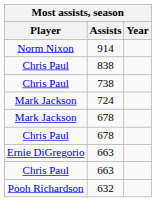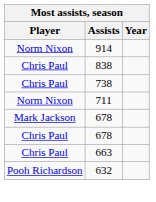 <table class="wikitable sortable" style="text-align:center">
 <tr>
 <th colspan="3">Most assists, season</th>
 </tr>
 <tr>
 <th>Player</th>
 <th>Assists</th>
 <th>Year</th>
 </tr>
 <tr>
 <td><a href='#'>Norm Nixon</a></td>
 <td>914</td>
 <td></td>
 </tr>
 <tr>
 <td><a href='#'>Chris Paul</a></td>
 <td>838</td>
 <td></td>
 </tr>
 <tr>
 <td><a href='#'>Chris Paul</a></td>
 <td>738</td>
 <td></td>
 </tr>
 <tr>
-<td><a href='#'>Mark Jackson</a></td>
-<td>724</td>
+<td><a href='#'>Norm Nixon</a></td>
+<td>711</td>
 <td></td>
 </tr>
 <tr>
 <td><a href='#'>Mark Jackson</a></td>
 <td>678</td>
 <td></td>
 </tr>
 <tr>
 <td><a href='#'>Chris Paul</a></td>
 <td>678</td>
 <td></td>
 </tr>
 <tr>
-<td><a href='#'>Ernie DiGregorio</a></td>
-<td>663</td>
-<td></td>
-</tr>
-<tr>
 <td><a href='#'>Chris Paul</a></td>
 <td>663</td>
 <td></td>
 </tr>
 <tr>
 <td><a href='#'>Pooh Richardson</a></td>
 <td>632</td>
 <td></td>
 </tr>
 </table>
